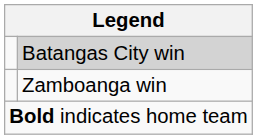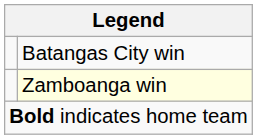 <table class="wikitable">
 <tr>
 <th colspan="4">Legend</th>
 </tr>
 <tr>
 <td></td>
-<td style="background: lightgrey;">Batangas City win</td>
+<td>Batangas City win</td>
 </tr>
 <tr>
 <td></td>
-<td>Zamboanga win</td>
+<td style="background: lightyellow;">Zamboanga win</td>
 </tr>
 <tr>
 <td colspan="2"><strong>Bold</strong> indicates home team</td>
 </tr>
 </table>
